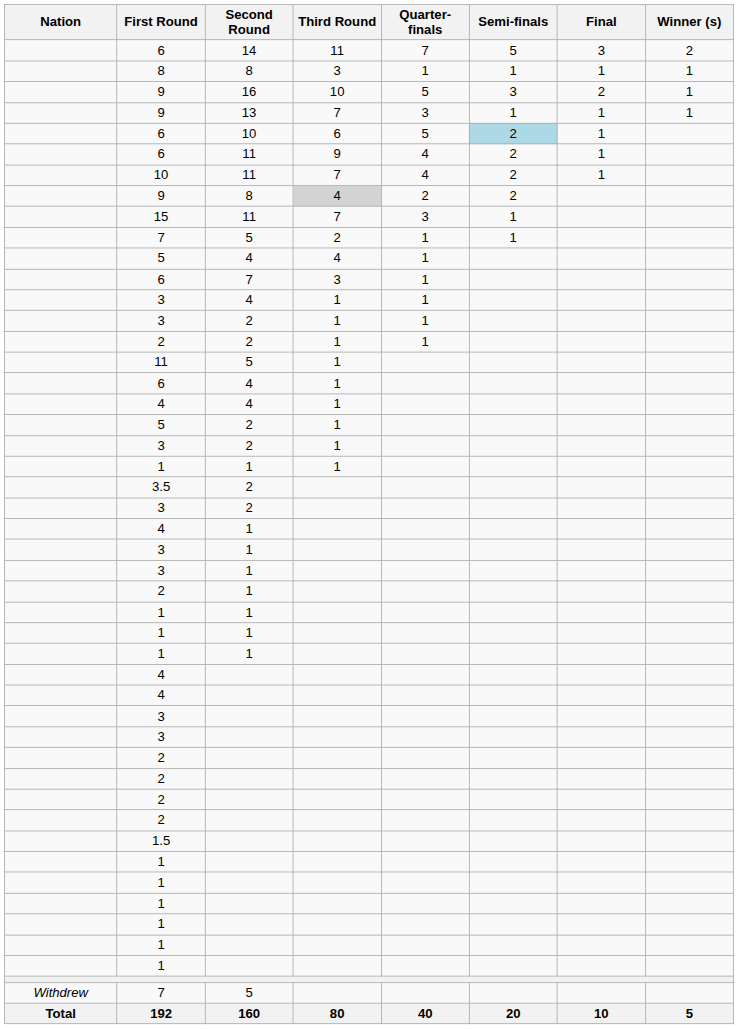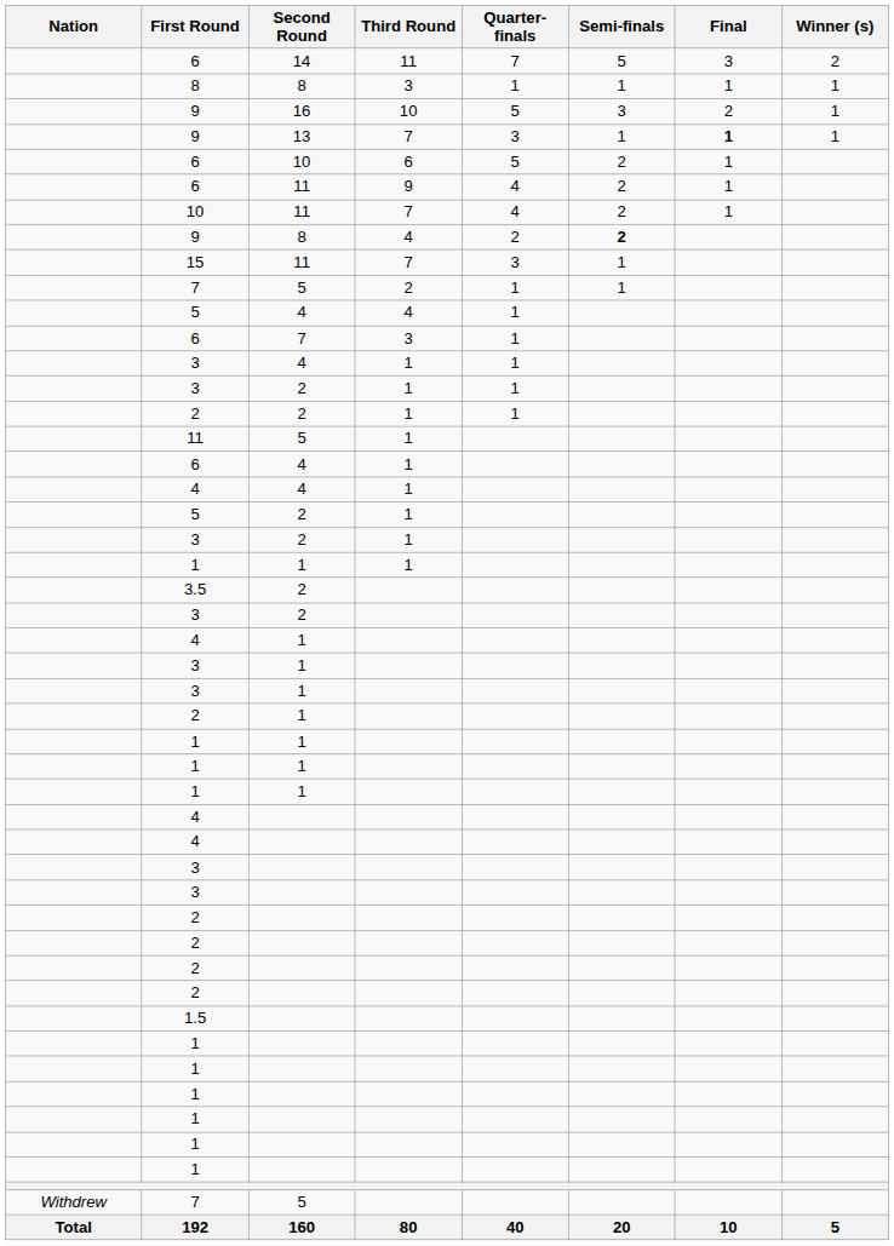 <table class="sortable wikitable" style="text-align:center">
 <tr>
 <th width="130">Nation</th>
 <th width="100">First Round</th>
 <th width="100">Second Round</th>
 <th width="100">Third Round</th>
 <th width="100">Quarter-finals</th>
 <th width="100">Semi-finals</th>
 <th width="100">Final</th>
 <th width="100">Winner (s)</th>
 </tr>
 <tr>
 <td align="left"></td>
 <td>6</td>
 <td>14</td>
 <td>11</td>
 <td>7</td>
 <td>5</td>
 <td>3</td>
 <td>2</td>
 </tr>
 <tr>
 <td align="left"></td>
 <td>8</td>
 <td>8</td>
 <td>3</td>
 <td>1</td>
 <td>1</td>
 <td>1</td>
 <td>1</td>
 </tr>
 <tr>
 <td align="left"></td>
 <td>9</td>
 <td>16</td>
 <td>10</td>
 <td>5</td>
 <td>3</td>
 <td>2</td>
 <td>1</td>
 </tr>
 <tr>
 <td align="left"></td>
 <td>9</td>
 <td>13</td>
 <td>7</td>
 <td>3</td>
 <td>1</td>
-<td>1</td>
+<td><strong>1</strong></td>
 <td>1</td>
 </tr>
 <tr>
 <td align="left"></td>
 <td>6</td>
 <td>10</td>
 <td>6</td>
 <td>5</td>
-<td style="background: lightblue;">2</td>
+<td>2</td>
 <td>1</td>
 <td></td>
 </tr>
 <tr>
 <td align="left"></td>
 <td>6</td>
 <td>11</td>
 <td>9</td>
 <td>4</td>
 <td>2</td>
 <td>1</td>
 <td></td>
 </tr>
 <tr>
 <td align="left"></td>
 <td>10</td>
 <td>11</td>
 <td>7</td>
 <td>4</td>
 <td>2</td>
 <td>1</td>
 <td></td>
 </tr>
 <tr>
 <td align="left"></td>
 <td>9</td>
 <td>8</td>
-<td style="background: lightgrey;">4</td>
+<td>4</td>
 <td>2</td>
-<td>2</td>
+<td><strong>2</strong></td>
 <td></td>
 <td></td>
 </tr>
 <tr>
 <td align="left"></td>
 <td>15</td>
 <td>11</td>
 <td>7</td>
 <td>3</td>
 <td>1</td>
 <td></td>
 <td></td>
 </tr>
 <tr>
 <td align="left"></td>
 <td>7</td>
 <td>5</td>
 <td>2</td>
 <td>1</td>
 <td>1</td>
 <td></td>
 <td></td>
 </tr>
 <tr>
 <td align="left"></td>
 <td>5</td>
 <td>4</td>
 <td>4</td>
 <td>1</td>
 <td></td>
 <td></td>
 <td></td>
 </tr>
 <tr>
 <td align="left"></td>
 <td>6</td>
 <td>7</td>
 <td>3</td>
 <td>1</td>
 <td></td>
 <td></td>
 <td></td>
 </tr>
 <tr>
 <td align="left"></td>
 <td>3</td>
 <td>4</td>
 <td>1</td>
 <td>1</td>
 <td></td>
 <td></td>
 <td></td>
 </tr>
 <tr>
 <td align="left"></td>
 <td>3</td>
 <td>2</td>
 <td>1</td>
 <td>1</td>
 <td></td>
 <td></td>
 <td></td>
 </tr>
 <tr>
 <td align="left"></td>
 <td>2</td>
 <td>2</td>
 <td>1</td>
 <td>1</td>
 <td></td>
 <td></td>
 <td></td>
 </tr>
 <tr>
 <td align="left"></td>
 <td>11</td>
 <td>5</td>
 <td>1</td>
 <td></td>
 <td></td>
 <td></td>
 <td></td>
 </tr>
 <tr>
 <td align="left"></td>
 <td>6</td>
 <td>4</td>
 <td>1</td>
 <td></td>
 <td></td>
 <td></td>
 <td></td>
 </tr>
 <tr>
 <td align="left"></td>
 <td>4</td>
 <td>4</td>
 <td>1</td>
 <td></td>
 <td></td>
 <td></td>
 <td></td>
 </tr>
 <tr>
 <td align="left"></td>
 <td>5</td>
 <td>2</td>
 <td>1</td>
 <td></td>
 <td></td>
 <td></td>
 <td></td>
 </tr>
 <tr>
 <td align="left"></td>
 <td>3</td>
 <td>2</td>
 <td>1</td>
 <td></td>
 <td></td>
 <td></td>
 <td></td>
 </tr>
 <tr>
 <td align="left"></td>
 <td>1</td>
 <td>1</td>
 <td>1</td>
 <td></td>
 <td></td>
 <td></td>
 <td></td>
 </tr>
 <tr>
 <td align="left"></td>
 <td>3.5</td>
 <td>2</td>
 <td></td>
 <td></td>
 <td></td>
 <td></td>
 <td></td>
 </tr>
 <tr>
 <td align="left"></td>
 <td>3</td>
 <td>2</td>
 <td></td>
 <td></td>
 <td></td>
 <td></td>
 <td></td>
 </tr>
 <tr>
 <td align="left"></td>
 <td>4</td>
 <td>1</td>
 <td></td>
 <td></td>
 <td></td>
 <td></td>
 <td></td>
 </tr>
 <tr>
 <td align="left"></td>
 <td>3</td>
 <td>1</td>
 <td></td>
 <td></td>
 <td></td>
 <td></td>
 <td></td>
 </tr>
 <tr>
 <td align="left"></td>
 <td>3</td>
 <td>1</td>
 <td></td>
 <td></td>
 <td></td>
 <td></td>
 <td></td>
 </tr>
 <tr>
 <td align="left"></td>
 <td>2</td>
 <td>1</td>
 <td></td>
 <td></td>
 <td></td>
 <td></td>
 <td></td>
 </tr>
 <tr>
 <td align="left"></td>
 <td>1</td>
 <td>1</td>
 <td></td>
 <td></td>
 <td></td>
 <td></td>
 <td></td>
 </tr>
 <tr>
 <td align="left"></td>
 <td>1</td>
 <td>1</td>
 <td></td>
 <td></td>
 <td></td>
 <td></td>
 <td></td>
 </tr>
 <tr>
 <td align="left"></td>
 <td>1</td>
 <td>1</td>
 <td></td>
 <td></td>
 <td></td>
 <td></td>
 <td></td>
 </tr>
 <tr>
 <td align="left"></td>
 <td>4</td>
 <td></td>
 <td></td>
 <td></td>
 <td></td>
 <td></td>
 <td></td>
 </tr>
 <tr>
 <td align="left"></td>
 <td>4</td>
 <td></td>
 <td></td>
 <td></td>
 <td></td>
 <td></td>
 <td></td>
 </tr>
 <tr>
 <td align="left"></td>
 <td>3</td>
 <td></td>
 <td></td>
 <td></td>
 <td></td>
 <td></td>
 <td></td>
 </tr>
 <tr>
 <td align="left"></td>
 <td>3</td>
 <td></td>
 <td></td>
 <td></td>
 <td></td>
 <td></td>
 <td></td>
 </tr>
 <tr>
 <td align="left"></td>
 <td>2</td>
 <td></td>
 <td></td>
 <td></td>
 <td></td>
 <td></td>
 <td></td>
 </tr>
 <tr>
 <td align="left"></td>
 <td>2</td>
 <td></td>
 <td></td>
 <td></td>
 <td></td>
 <td></td>
 <td></td>
 </tr>
 <tr>
 <td align="left"></td>
 <td>2</td>
 <td></td>
 <td></td>
 <td></td>
 <td></td>
 <td></td>
 <td></td>
 </tr>
 <tr>
 <td align="left"></td>
 <td>2</td>
 <td></td>
 <td></td>
 <td></td>
 <td></td>
 <td></td>
 <td></td>
 </tr>
 <tr>
 <td align="left"></td>
 <td>1.5</td>
 <td></td>
 <td></td>
 <td></td>
 <td></td>
 <td></td>
 <td></td>
 </tr>
 <tr>
 <td align="left"></td>
 <td>1</td>
 <td></td>
 <td></td>
 <td></td>
 <td></td>
 <td></td>
 <td></td>
 </tr>
 <tr>
 <td align="left"></td>
 <td>1</td>
 <td></td>
 <td></td>
 <td></td>
 <td></td>
 <td></td>
 <td></td>
 </tr>
 <tr>
 <td align="left"></td>
 <td>1</td>
 <td></td>
 <td></td>
 <td></td>
 <td></td>
 <td></td>
 <td></td>
 </tr>
 <tr>
 <td align="left"></td>
 <td>1</td>
 <td></td>
 <td></td>
 <td></td>
 <td></td>
 <td></td>
 <td></td>
 </tr>
 <tr>
 <td align="left"></td>
 <td>1</td>
 <td></td>
 <td></td>
 <td></td>
 <td></td>
 <td></td>
 <td></td>
 </tr>
 <tr>
 <td align="left"></td>
 <td>1</td>
 <td></td>
 <td></td>
 <td></td>
 <td></td>
 <td></td>
 <td></td>
 </tr>
 <tr>
 <th colspan="8"></th>
 </tr>
 <tr>
 <td><em>Withdrew</em></td>
 <td>7</td>
 <td>5</td>
 <td></td>
 <td></td>
 <td></td>
 <td></td>
 <td></td>
 </tr>
 <tr>
 <th>Total</th>
 <th>192</th>
 <th>160</th>
 <th>80</th>
 <th>40</th>
 <th>20</th>
 <th>10</th>
 <th>5</th>
 </tr>
 </table>
